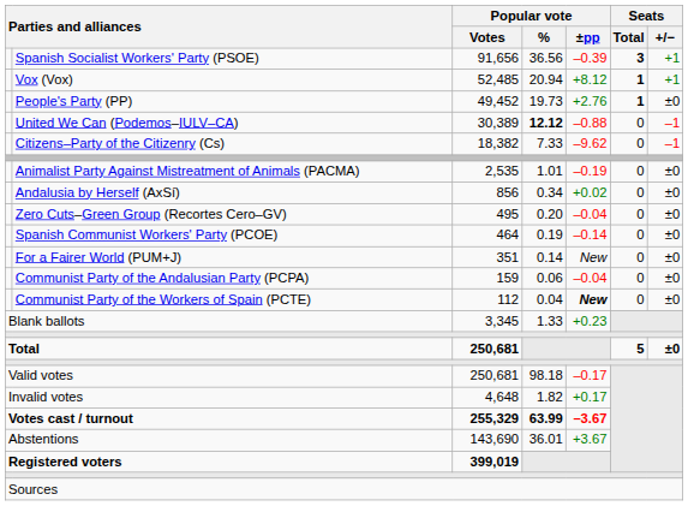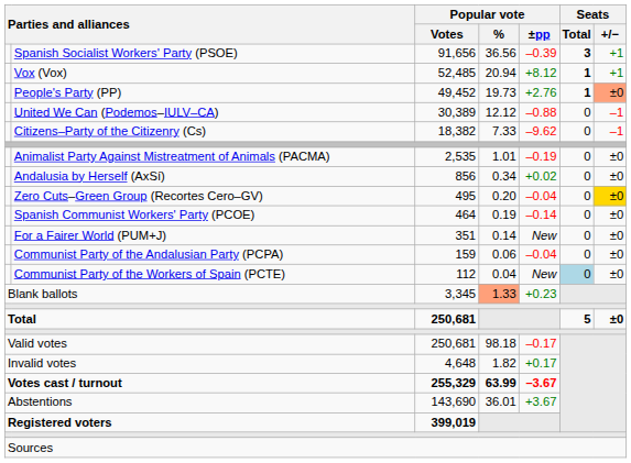 <table class="wikitable" style="text-align:right;">
 <tr>
 <th style="text-align:left;" rowspan="2" colspan="2" width="525">Parties and alliances</th>
 <th colspan="3">Popular vote</th>
 <th colspan="2">Seats</th>
 </tr>
 <tr>
 <th width="75">Votes</th>
 <th width="45">%</th>
 <th width="45">±<a href='#'>pp</a></th>
 <th width="35">Total</th>
 <th width="35">+/−</th>
 </tr>
 <tr>
 <td width="1" style="color:inherit;background:"></td>
 <td align="left"><a href='#'>Spanish Socialist Workers' Party</a> (PSOE)</td>
 <td>91,656</td>
 <td>36.56</td>
 <td style="color:red;">–0.39</td>
 <td><strong>3</strong></td>
 <td style="color:green;">+1</td>
 </tr>
 <tr>
 <td style="color:inherit;background:"></td>
 <td align="left"><a href='#'>Vox</a> (Vox)</td>
 <td>52,485</td>
 <td>20.94</td>
 <td style="color:green;">+8.12</td>
 <td><strong>1</strong></td>
 <td style="color:green;">+1</td>
 </tr>
 <tr>
 <td style="color:inherit;background:"></td>
 <td align="left"><a href='#'>People's Party</a> (PP)</td>
 <td>49,452</td>
 <td>19.73</td>
 <td style="color:green;">+2.76</td>
 <td><strong>1</strong></td>
-<td>±0</td>
+<td style="background: lightsalmon;">±0</td>
 </tr>
 <tr>
 <td style="color:inherit;background:"></td>
 <td align="left"><a href='#'>United We Can</a> (<a href='#'>Podemos</a>–<a href='#'>IULV–CA</a>)</td>
 <td>30,389</td>
-<td><strong>12.12</strong></td>
+<td>12.12</td>
 <td style="color:red;">–0.88</td>
 <td>0</td>
 <td style="color:red;">–1</td>
 </tr>
 <tr>
 <td style="color:inherit;background:"></td>
 <td align="left"><a href='#'>Citizens–Party of the Citizenry</a> (Cs)</td>
 <td>18,382</td>
 <td>7.33</td>
 <td style="color:red;">–9.62</td>
 <td>0</td>
 <td style="color:red;">–1</td>
 </tr>
 <tr>
 <td colspan="7" bgcolor="#C0C0C0"></td>
 </tr>
 <tr>
 <td style="color:inherit;background:"></td>
 <td align="left"><a href='#'>Animalist Party Against Mistreatment of Animals</a> (PACMA)</td>
 <td>2,535</td>
 <td>1.01</td>
 <td style="color:red;">–0.19</td>
 <td>0</td>
 <td>±0</td>
 </tr>
 <tr>
 <td style="color:inherit;background:"></td>
 <td align="left"><a href='#'>Andalusia by Herself</a> (AxSí)</td>
 <td>856</td>
 <td>0.34</td>
 <td style="color:green;">+0.02</td>
 <td>0</td>
 <td>±0</td>
 </tr>
 <tr>
 <td style="color:inherit;background:"></td>
 <td align="left"><a href='#'>Zero Cuts</a>–<a href='#'>Green Group</a> (Recortes Cero–GV)</td>
 <td>495</td>
 <td>0.20</td>
 <td style="color:red;">–0.04</td>
 <td>0</td>
-<td>±0</td>
+<td style="background: gold;">±0</td>
 </tr>
 <tr>
 <td style="color:inherit;background:"></td>
 <td align="left"><a href='#'>Spanish Communist Workers' Party</a> (PCOE)</td>
 <td>464</td>
 <td>0.19</td>
 <td style="color:red;">–0.14</td>
 <td>0</td>
 <td>±0</td>
 </tr>
 <tr>
 <td style="color:inherit;background:"></td>
 <td align="left"><a href='#'>For a Fairer World</a> (PUM+J)</td>
 <td>351</td>
 <td>0.14</td>
 <td><em>New</em></td>
 <td>0</td>
 <td>±0</td>
 </tr>
 <tr>
 <td style="color:inherit;background:"></td>
 <td align="left"><a href='#'>Communist Party of the Andalusian Party</a> (PCPA)</td>
 <td>159</td>
 <td>0.06</td>
 <td style="color:red;">–0.04</td>
 <td>0</td>
 <td>±0</td>
 </tr>
 <tr>
 <td style="color:inherit;background:"></td>
 <td align="left"><a href='#'>Communist Party of the Workers of Spain</a> (PCTE)</td>
 <td>112</td>
 <td>0.04</td>
-<td><strong><em>New</em></strong></td>
-<td>0</td>
+<td><em>New</em></td>
+<td style="background: lightblue;">0</td>
 <td>±0</td>
 </tr>
 <tr>
 <td align="left" colspan="2">Blank ballots</td>
 <td>3,345</td>
-<td>1.33</td>
+<td style="background: lightsalmon;">1.33</td>
 <td style="color:green;">+0.23</td>
 <td bgcolor="#E9E9E9" colspan="2"></td>
 </tr>
 <tr>
 <td colspan="7" bgcolor="#E9E9E9"></td>
 </tr>
 <tr style="font-weight:bold;">
 <td align="left" colspan="2">Total</td>
 <td>250,681</td>
 <td bgcolor="#E9E9E9" colspan="2"></td>
 <td>5</td>
 <td>±0</td>
 </tr>
 <tr>
 <td colspan="7" bgcolor="#E9E9E9"></td>
 </tr>
 <tr>
 <td align="left" colspan="2">Valid votes</td>
 <td>250,681</td>
 <td>98.18</td>
 <td style="color:red;">–0.17</td>
 <td bgcolor="#E9E9E9" colspan="2" rowspan="5"></td>
 </tr>
 <tr>
 <td align="left" colspan="2">Invalid votes</td>
 <td>4,648</td>
 <td>1.82</td>
 <td style="color:green;">+0.17</td>
 </tr>
 <tr style="font-weight:bold;">
 <td align="left" colspan="2">Votes cast / turnout</td>
 <td>255,329</td>
 <td>63.99</td>
 <td style="color:red;">–3.67</td>
 </tr>
 <tr>
 <td align="left" colspan="2">Abstentions</td>
 <td>143,690</td>
 <td>36.01</td>
 <td style="color:green;">+3.67</td>
 </tr>
 <tr style="font-weight:bold;">
 <td align="left" colspan="2">Registered voters</td>
 <td>399,019</td>
 <td bgcolor="#E9E9E9" colspan="2"></td>
 </tr>
 <tr>
 <td colspan="7" bgcolor="#E9E9E9"></td>
 </tr>
 <tr>
 <td align="left" colspan="7">Sources</td>
 </tr>
 </table>
